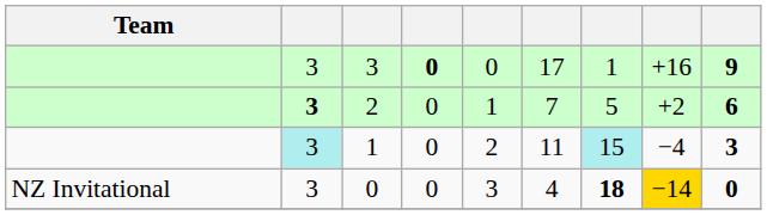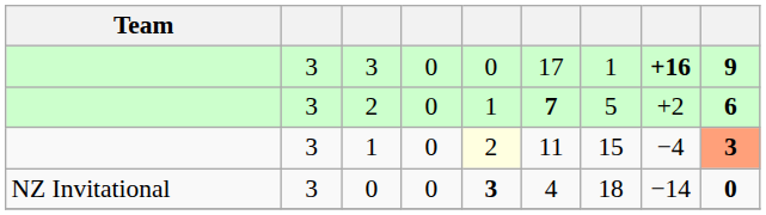 <table class="wikitable" style="text-align: center;">
 <tr>
 <th width=165>Team</th>
 <th width=30></th>
 <th width=30></th>
 <th width=30></th>
 <th width=30></th>
 <th width=30></th>
 <th width=30></th>
 <th width=30></th>
 <th width=30></th>
 </tr>
 <tr bgcolor=ccffcc>
 <td align=left></td>
 <td>3</td>
 <td>3</td>
-<td><strong>0</strong></td>
+<td>0</td>
 <td>0</td>
 <td>17</td>
 <td>1</td>
-<td>+16</td>
+<td><strong>+16</strong></td>
 <td><strong>9</strong></td>
 </tr>
 <tr bgcolor=ccffcc>
 <td align=left></td>
-<td><strong>3</strong></td>
+<td>3</td>
 <td>2</td>
 <td>0</td>
 <td>1</td>
-<td>7</td>
+<td><strong>7</strong></td>
 <td>5</td>
 <td>+2</td>
 <td><strong>6</strong></td>
 </tr>
 <tr>
 <td align=left></td>
-<td style="background: paleturquoise;">3</td>
+<td>3</td>
 <td>1</td>
 <td>0</td>
-<td>2</td>
+<td style="background: lightyellow;">2</td>
 <td>11</td>
-<td style="background: paleturquoise;">15</td>
+<td>15</td>
 <td>−4</td>
-<td><strong>3</strong></td>
+<td style="background: lightsalmon;"><strong>3</strong></td>
 </tr>
 <tr>
 <td align=left> NZ Invitational</td>
 <td>3</td>
 <td>0</td>
 <td>0</td>
-<td>3</td>
+<td><strong>3</strong></td>
 <td>4</td>
-<td><strong>18</strong></td>
-<td style="background: gold;">−14</td>
+<td>18</td>
+<td>−14</td>
 <td><strong>0</strong></td>
 </tr>
 <tr>
 </tr>
 </table>
